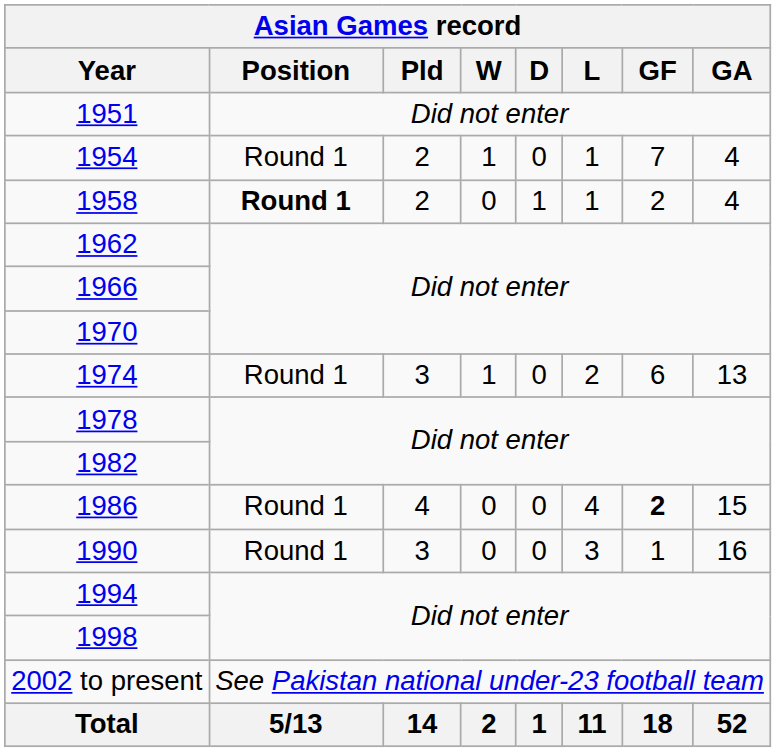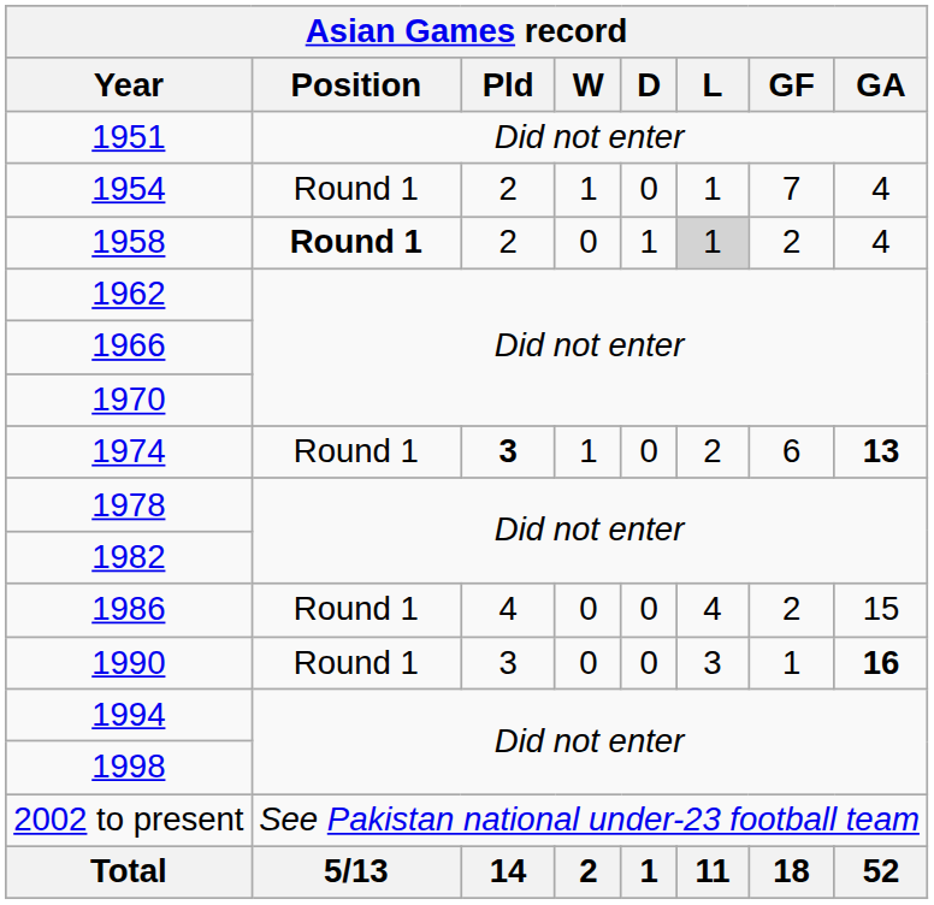 <table class="wikitable" style="text-align: center">
 <tr>
 <th colspan="9"><a href='#'>Asian Games</a> record</th>
 </tr>
 <tr>
 <th>Year</th>
 <th>Position</th>
 <th>Pld</th>
 <th>W</th>
 <th>D</th>
 <th>L</th>
 <th>GF</th>
 <th>GA</th>
 </tr>
 <tr>
 <td> <a href='#'>1951</a></td>
 <td colspan="7"><em>Did not enter</em></td>
 </tr>
 <tr>
 <td> <a href='#'>1954</a></td>
 <td>Round 1</td>
 <td>2</td>
 <td>1</td>
 <td>0</td>
 <td>1</td>
 <td>7</td>
 <td>4</td>
 </tr>
 <tr>
 <td> <a href='#'>1958</a></td>
 <td><strong>Round 1</strong></td>
 <td>2</td>
 <td>0</td>
 <td>1</td>
-<td>1</td>
+<td style="background: lightgrey;">1</td>
 <td>2</td>
 <td>4</td>
 </tr>
 <tr>
 <td> <a href='#'>1962</a></td>
 <td colspan="7" rowspan="3"><em>Did not enter</em></td>
 </tr>
 <tr>
 <td> <a href='#'>1966</a></td>
 </tr>
 <tr>
 <td> <a href='#'>1970</a></td>
 </tr>
 <tr>
 <td> <a href='#'>1974</a></td>
 <td>Round 1</td>
-<td>3</td>
+<td><strong>3</strong></td>
 <td>1</td>
 <td>0</td>
 <td>2</td>
 <td>6</td>
-<td>13</td>
+<td><strong>13</strong></td>
 </tr>
 <tr>
 <td> <a href='#'>1978</a></td>
 <td colspan="7" rowspan="2"><em>Did not enter</em></td>
 </tr>
 <tr>
 <td> <a href='#'>1982</a></td>
 </tr>
 <tr>
 <td> <a href='#'>1986</a></td>
 <td>Round 1</td>
 <td>4</td>
 <td>0</td>
 <td>0</td>
 <td>4</td>
-<td><strong>2</strong></td>
+<td>2</td>
 <td>15</td>
 </tr>
 <tr>
 <td> <a href='#'>1990</a></td>
 <td>Round 1</td>
 <td>3</td>
 <td>0</td>
 <td>0</td>
 <td>3</td>
 <td>1</td>
-<td>16</td>
+<td><strong>16</strong></td>
 </tr>
 <tr>
 <td> <a href='#'>1994</a></td>
 <td colspan="7" rowspan="2"><em>Did not enter</em></td>
 </tr>
 <tr>
 <td> <a href='#'>1998</a></td>
 </tr>
 <tr>
 <td><a href='#'>2002</a> to present</td>
 <td colspan="8"><em>See <a href='#'>Pakistan national under-23 football team</a></em></td>
 </tr>
 <tr>
 <th>Total</th>
 <th>5/13</th>
 <th>14</th>
 <th>2</th>
 <th>1</th>
 <th>11</th>
 <th>18</th>
 <th>52</th>
 </tr>
 </table>
